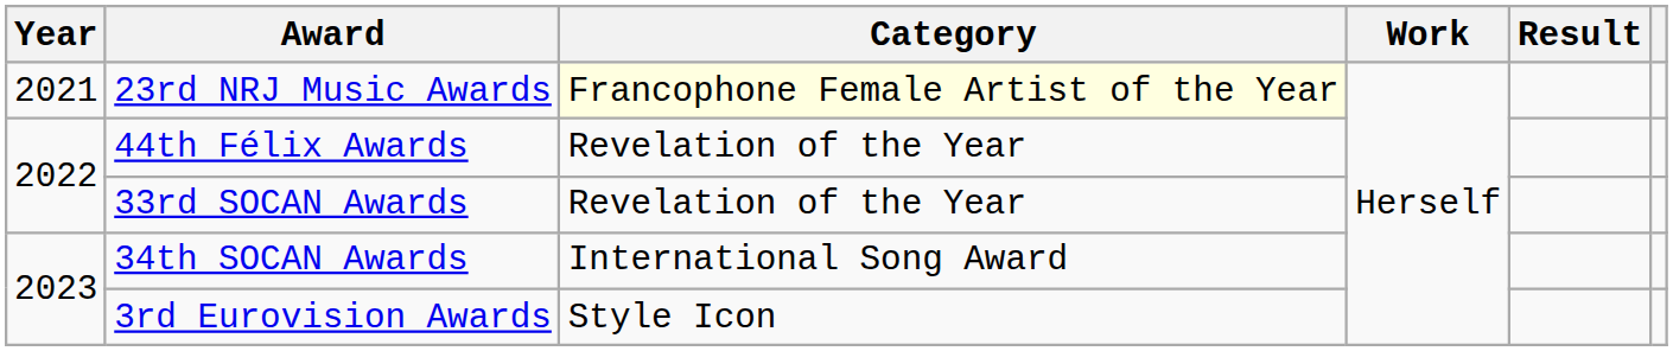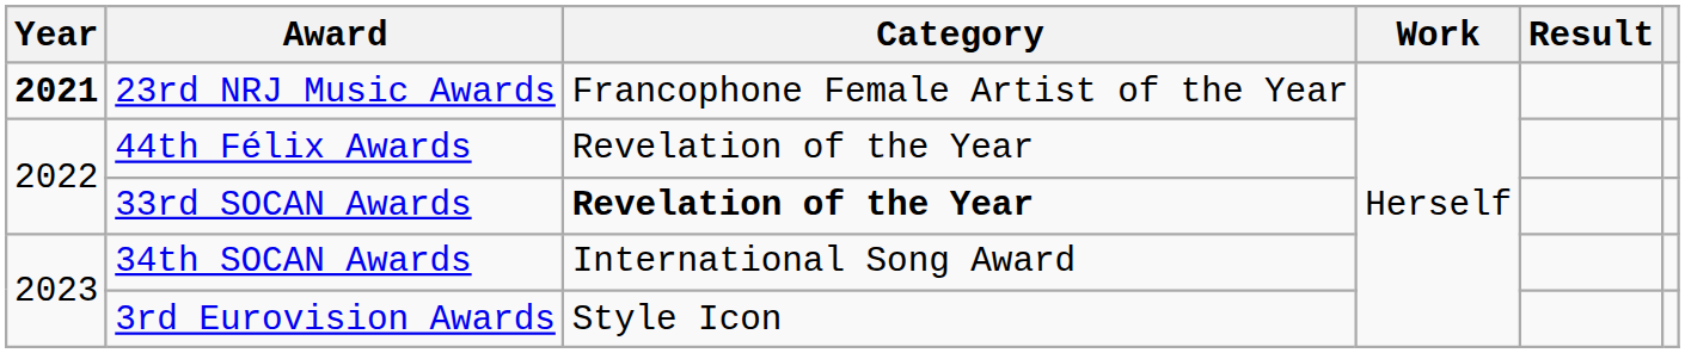 <table class="wikitable">
 <tr>
 <th scope="col">Year</th>
 <th scope="col">Award</th>
 <th scope="col">Category</th>
 <th scope="col">Work</th>
 <th scope="col">Result</th>
 <th scope="col" class="unsortable"></th>
 </tr>
 <tr>
-<td>2021</td>
+<td><strong>2021</strong></td>
 <td><a href='#'>23rd NRJ Music Awards</a></td>
-<td style="background: lightyellow;">Francophone Female Artist of the Year</td>
+<td>Francophone Female Artist of the Year</td>
 <td rowspan="5">Herself</td>
 <td></td>
 <td align="center"></td>
 </tr>
 <tr>
 <td rowspan="2">2022</td>
 <td><a href='#'>44th Félix Awards</a></td>
 <td>Revelation of the Year</td>
 <td></td>
 <td align="center"></td>
 </tr>
 <tr>
 <td><a href='#'>33rd SOCAN Awards</a></td>
-<td>Revelation of the Year</td>
+<td><strong>Revelation of the Year</strong></td>
 <td></td>
 <td align="center"></td>
 </tr>
 <tr>
 <td rowspan="2">2023</td>
 <td><a href='#'>34th SOCAN Awards</a></td>
 <td>International Song Award</td>
 <td></td>
 <td align="center"></td>
 </tr>
 <tr>
 <td><a href='#'>3rd Eurovision Awards</a></td>
 <td>Style Icon</td>
 <td></td>
 <td align="center"></td>
 </tr>
 </table>
